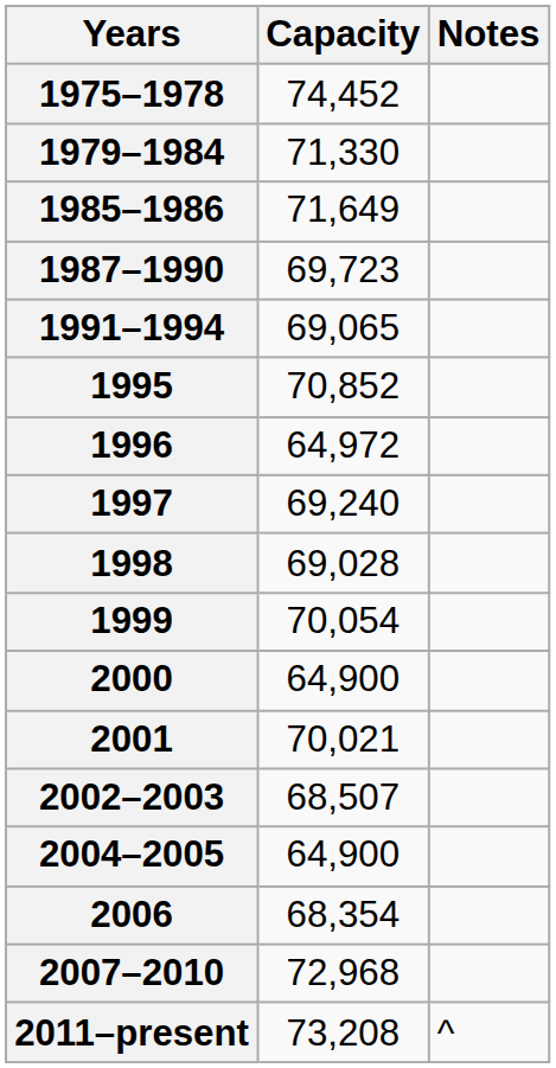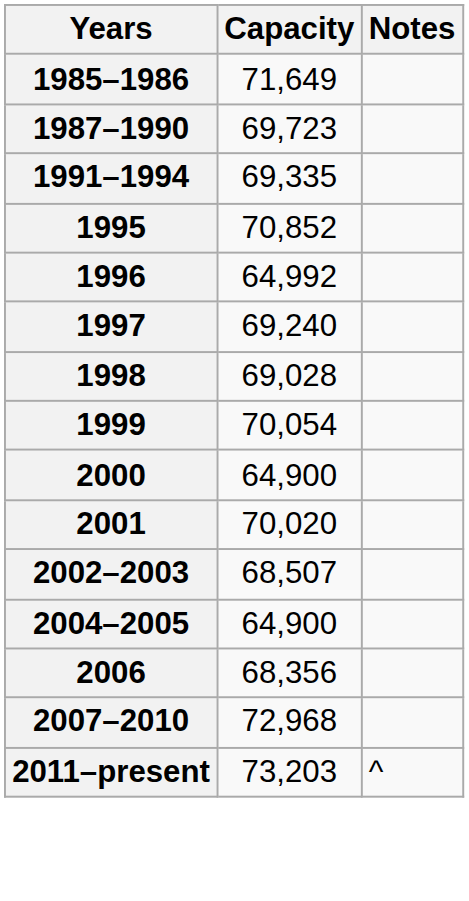 <table class="wikitable">
 <tr>
 <th scope="row">Years</th>
 <th scope="row">Capacity</th>
 <th scope="row">Notes</th>
-</tr>
-<tr>
-<th scope="row">1975–1978</th>
-<td align=center>74,452</td>
-<td></td>
-</tr>
-<tr>
-<th scope="row">1979–1984</th>
-<td align=center>71,330</td>
-<td></td>
 </tr>
 <tr>
 <th scope="row">1985–1986</th>
 <td align=center>71,649</td>
 <td></td>
 </tr>
 <tr>
 <th scope="row">1987–1990</th>
 <td align=center>69,723</td>
 <td></td>
 </tr>
 <tr>
 <th scope="row">1991–1994</th>
-<td align=center>69,065</td>
+<td align=center>69,335</td>
 <td></td>
 </tr>
 <tr>
 <th scope="row">1995</th>
 <td align=center>70,852</td>
 <td></td>
 </tr>
 <tr>
 <th scope="row">1996</th>
-<td align=center>64,972</td>
+<td align=center>64,992</td>
 <td></td>
 </tr>
 <tr>
 <th scope="row">1997</th>
 <td align=center>69,240</td>
 <td></td>
 </tr>
 <tr>
 <th scope="row">1998</th>
 <td align=center>69,028</td>
 <td></td>
 </tr>
 <tr>
 <th scope="row">1999</th>
 <td align=center>70,054</td>
 <td></td>
 </tr>
 <tr>
 <th scope="row">2000</th>
 <td align=center>64,900</td>
 <td></td>
 </tr>
 <tr>
 <th scope="row">2001</th>
-<td align=center>70,021</td>
+<td align=center>70,020</td>
 <td></td>
 </tr>
 <tr>
 <th scope="row">2002–2003</th>
 <td align=center>68,507</td>
 <td></td>
 </tr>
 <tr>
 <th scope="row">2004–2005</th>
 <td align=center>64,900</td>
 <td></td>
 </tr>
 <tr>
 <th scope="row">2006</th>
-<td align=center>68,354</td>
+<td align=center>68,356</td>
 <td></td>
 </tr>
 <tr>
 <th scope="row">2007–2010</th>
 <td align=center>72,968</td>
 <td></td>
 </tr>
 <tr>
 <th scope="row">2011–present</th>
-<td align=center>73,208</td>
+<td align=center>73,203</td>
 <td>^</td>
 </tr>
 </table>
